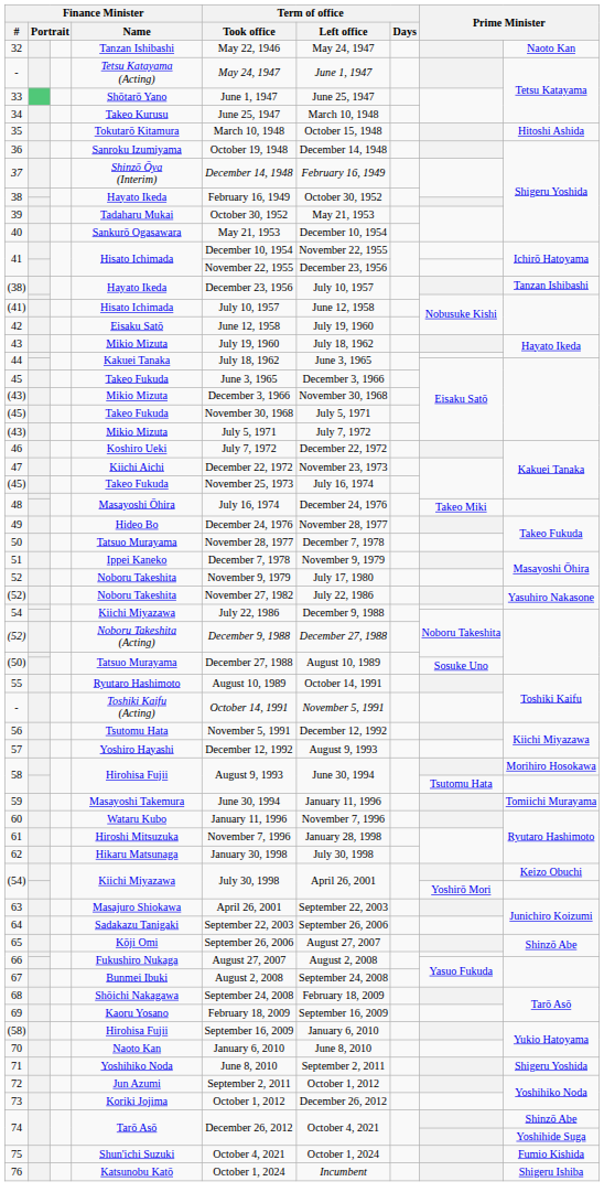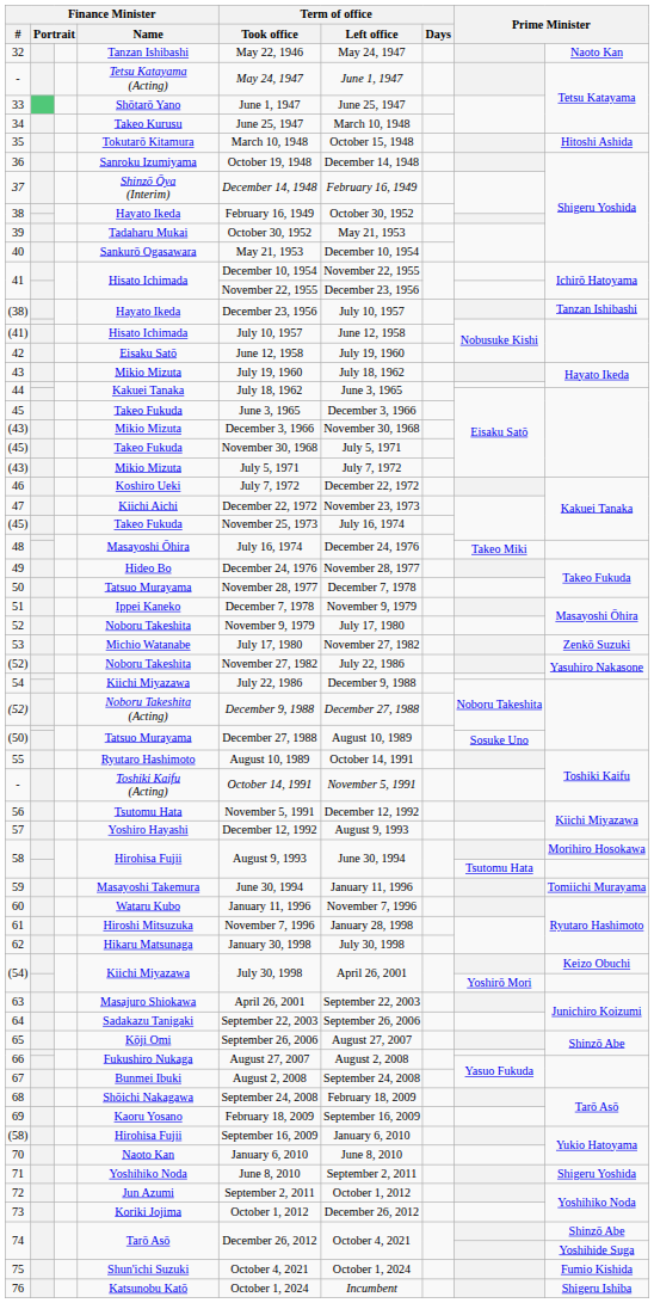 <table class="wikitable"  style="text-align:center">
 <tr>
 <th colspan=4>Finance Minister</th>
 <th colspan=3>Term of office</th>
 <th style="width:160px;" rowspan=2 colspan=2>Prime Minister</th>
 </tr>
 <tr>
 <th>#</th>
 <th colspan=2>Portrait</th>
 <th width=180px>Name</th>
 <th>Took office</th>
 <th>Left office</th>
 <th>Days</th>
 </tr>
 <tr>
 <td>32</td>
 <th style="background-color: "></th>
 <td></td>
 <td><a href='#'>Tanzan Ishibashi</a></td>
 <td>May 22, 1946</td>
 <td>May 24, 1947</td>
 <td></td>
 <th style="background-color: "></th>
 <td><a href='#'>Naoto Kan</a></td>
 </tr>
 <tr>
 <td>-</td>
 <th style="background-color: "></th>
 <td></td>
 <td><em><a href='#'>Tetsu Katayama</a></em> <em><br>(Acting)</em></td>
 <td><em>May 24, 1947</em></td>
 <td><em>June 1, 1947</em></td>
 <td><em></em></td>
 <th style="background-color: "></th>
 <td rowspan=3><a href='#'>Tetsu Katayama</a></td>
 </tr>
 <tr>
 <td>33</td>
 <th style="background-color: #50C878"></th>
 <td></td>
 <td><a href='#'>Shōtarō Yano</a></td>
 <td>June 1, 1947</td>
 <td>June 25, 1947</td>
 <td></td>
 </tr>
 <tr>
 <td>34</td>
 <th style="background-color: "></th>
 <td></td>
 <td><a href='#'>Takeo Kurusu</a></td>
 <td>June 25, 1947</td>
 <td>March 10, 1948</td>
 <td></td>
 </tr>
 <tr>
 <td>35</td>
 <th style="background-color: "></th>
 <td></td>
 <td><a href='#'>Tokutarō Kitamura</a></td>
 <td>March 10, 1948</td>
 <td>October 15, 1948</td>
 <td></td>
 <th style="background-color: "></th>
 <td><a href='#'>Hitoshi Ashida</a></td>
 </tr>
 <tr>
 <td>36</td>
 <th style="background-color: "></th>
 <td></td>
 <td><a href='#'>Sanroku Izumiyama</a></td>
 <td>October 19, 1948</td>
 <td>December 14, 1948</td>
 <td></td>
 <th style="background-color: "></th>
 <td rowspan=6><a href='#'>Shigeru Yoshida</a></td>
 </tr>
 <tr>
 <td><em>37</em></td>
 <th style="background-color: "></th>
 <td></td>
 <td><em><a href='#'>Shinzō Ōya</a></em> <em><br>(Interim)</em></td>
 <td><em>December 14, 1948</em></td>
 <td><em>February 16, 1949</em></td>
 <td><em></em></td>
 </tr>
 <tr>
 <td rowspan=2>38</td>
 <th style="background-color: "></th>
 <td rowspan=2></td>
 <td rowspan=2><a href='#'>Hayato Ikeda</a></td>
 <td rowspan=2>February 16, 1949</td>
 <td rowspan=2>October 30, 1952</td>
 <td rowspan=2></td>
 </tr>
 <tr>
 <th style="background-color: "></th>
 <th style="background-color: "></th>
 </tr>
 <tr>
 <td>39</td>
 <th style="background-color: "></th>
 <td></td>
 <td><a href='#'>Tadaharu Mukai</a></td>
 <td>October 30, 1952</td>
 <td>May 21, 1953</td>
 <td></td>
 </tr>
 <tr>
 <td>40</td>
 <th style="background-color: "></th>
 <td></td>
 <td><a href='#'>Sankurō Ogasawara</a></td>
 <td>May 21, 1953</td>
 <td>December 10, 1954</td>
 <td></td>
 </tr>
 <tr>
 <td rowspan=2>41</td>
 <th style="background-color: "></th>
 <td rowspan=2></td>
 <td rowspan=2><a href='#'>Hisato Ichimada</a></td>
 <td>December 10, 1954</td>
 <td>November 22, 1955</td>
 <td rowspan=2></td>
 <td style="background-color: "></td>
 <td rowspan=2><a href='#'>Ichirō Hatoyama</a></td>
 </tr>
 <tr>
 <th style="background-color: "></th>
 <td>November 22, 1955</td>
 <td>December 23, 1956</td>
 <td style="background-color: "></td>
 </tr>
 <tr>
 <td rowspan=2>(38)</td>
 <th style="background-color: "></th>
 <td rowspan=2></td>
 <td rowspan=2><a href='#'>Hayato Ikeda</a></td>
 <td rowspan=2>December 23, 1956</td>
 <td rowspan=2>July 10, 1957</td>
 <td rowspan=2></td>
 <th style="background-color: "></th>
 <td><a href='#'>Tanzan Ishibashi</a></td>
 </tr>
 <tr>
 <th style="background-color: "></th>
 <td rowspan=3><a href='#'>Nobusuke Kishi</a></td>
 </tr>
 <tr>
 <td>(41)</td>
 <th style="background-color: "></th>
 <td></td>
 <td><a href='#'>Hisato Ichimada</a></td>
 <td>July 10, 1957</td>
 <td>June 12, 1958</td>
 <td></td>
 </tr>
 <tr>
 <td>42</td>
 <th style="background-color: "></th>
 <td></td>
 <td><a href='#'>Eisaku Satō</a></td>
 <td>June 12, 1958</td>
 <td>July 19, 1960</td>
 <td></td>
 </tr>
 <tr>
 <td>43</td>
 <th style="background-color: "></th>
 <td></td>
 <td><a href='#'>Mikio Mizuta</a></td>
 <td>July 19, 1960</td>
 <td>July 18, 1962</td>
 <td></td>
 <th style="background-color: "></th>
 <td rowspan=2><a href='#'>Hayato Ikeda</a></td>
 </tr>
 <tr>
 <td rowspan=2>44</td>
 <th style="background-color: "></th>
 <td rowspan=2></td>
 <td rowspan=2><a href='#'>Kakuei Tanaka</a></td>
 <td rowspan=2>July 18, 1962</td>
 <td rowspan=2>June 3, 1965</td>
 <td rowspan=2></td>
 </tr>
 <tr>
 <th style="background-color: "></th>
 <td rowspan=5><a href='#'>Eisaku Satō</a></td>
 </tr>
 <tr>
 <td>45</td>
 <th style="background-color: "></th>
 <td></td>
 <td><a href='#'>Takeo Fukuda</a></td>
 <td>June 3, 1965</td>
 <td>December 3, 1966</td>
 <td></td>
 </tr>
 <tr>
 <td>(43)</td>
 <th style="background-color: "></th>
 <td></td>
 <td><a href='#'>Mikio Mizuta</a></td>
 <td>December 3, 1966</td>
 <td>November 30, 1968</td>
 <td></td>
 </tr>
 <tr>
 <td>(45)</td>
 <th style="background-color: "></th>
 <td></td>
 <td><a href='#'>Takeo Fukuda</a></td>
 <td>November 30, 1968</td>
 <td>July 5, 1971</td>
 <td></td>
 </tr>
 <tr>
 <td>(43)</td>
 <th style="background-color: "></th>
 <td></td>
 <td><a href='#'>Mikio Mizuta</a></td>
 <td>July 5, 1971</td>
 <td>July 7, 1972</td>
 <td></td>
 </tr>
 <tr>
 <td>46</td>
 <th style="background-color: "></th>
 <td></td>
 <td><a href='#'>Koshiro Ueki</a></td>
 <td>July 7, 1972</td>
 <td>December 22, 1972</td>
 <td></td>
 <th style="background-color: "></th>
 <td rowspan=4><a href='#'>Kakuei Tanaka</a></td>
 </tr>
 <tr>
 <td>47</td>
 <th style="background-color: "></th>
 <td></td>
 <td><a href='#'>Kiichi Aichi</a></td>
 <td>December 22, 1972</td>
 <td>November 23, 1973</td>
 <td></td>
 </tr>
 <tr>
 <td>(45)</td>
 <th style="background-color: "></th>
 <td></td>
 <td><a href='#'>Takeo Fukuda</a></td>
 <td>November 25, 1973</td>
 <td>July 16, 1974</td>
 <td></td>
 </tr>
 <tr>
 <td rowspan=2>48</td>
 <th style="background-color: "></th>
 <td rowspan=2></td>
 <td rowspan=2><a href='#'>Masayoshi Ōhira</a></td>
 <td rowspan=2>July 16, 1974</td>
 <td rowspan=2>December 24, 1976</td>
 <td rowspan=2></td>
 </tr>
 <tr>
 <th style="background-color: "></th>
 <td><a href='#'>Takeo Miki</a></td>
 </tr>
 <tr>
 <td>49</td>
 <th style="background-color: "></th>
 <td></td>
 <td><a href='#'>Hideo Bo</a></td>
 <td>December 24, 1976</td>
 <td>November 28, 1977</td>
 <td></td>
 <th style="background-color: "></th>
 <td rowspan=2><a href='#'>Takeo Fukuda</a></td>
 </tr>
 <tr>
 <td>50</td>
 <th style="background-color: "></th>
 <td></td>
 <td><a href='#'>Tatsuo Murayama</a></td>
 <td>November 28, 1977</td>
 <td>December 7, 1978</td>
 <td></td>
 </tr>
 <tr>
 <td>51</td>
 <th style="background-color: "></th>
 <td></td>
 <td><a href='#'>Ippei Kaneko</a></td>
 <td>December 7, 1978</td>
 <td>November 9, 1979</td>
 <td></td>
 <th style="background-color: "></th>
 <td rowspan=2><a href='#'>Masayoshi Ōhira</a></td>
 </tr>
 <tr>
 <td>52</td>
 <th style="background-color: "></th>
 <td></td>
 <td><a href='#'>Noboru Takeshita</a></td>
 <td>November 9, 1979</td>
 <td>July 17, 1980</td>
 <td></td>
+</tr>
+<tr>
+<td>53</td>
+<th style="background-color: "></th>
+<td></td>
+<td><a href='#'>Michio Watanabe</a></td>
+<td>July 17, 1980</td>
+<td>November 27, 1982</td>
+<td></td>
+<th style="background-color: "></th>
+<td><a href='#'>Zenkō Suzuki</a></td>
 </tr>
 <tr>
 <td>(52)</td>
 <th style="background-color: "></th>
 <td></td>
 <td><a href='#'>Noboru Takeshita</a></td>
 <td>November 27, 1982</td>
 <td>July 22, 1986</td>
 <td></td>
 <th style="background-color: "></th>
 <td rowspan=2><a href='#'>Yasuhiro Nakasone</a></td>
 </tr>
 <tr>
 <td rowspan=2>54</td>
 <th style="background-color: "></th>
 <td rowspan=2></td>
 <td rowspan=2><a href='#'>Kiichi Miyazawa</a></td>
 <td rowspan=2>July 22, 1986</td>
 <td rowspan=2>December 9, 1988</td>
 <td rowspan=2></td>
 </tr>
 <tr>
 <th style="background-color: "></th>
 <td rowspan=3><a href='#'>Noboru Takeshita</a></td>
 </tr>
 <tr>
 <td><em>(52)</em></td>
 <th style="background-color: "></th>
 <td></td>
 <td><em><a href='#'>Noboru Takeshita</a></em> <em><br>(Acting)</em></td>
 <td><em>December 9, 1988</em></td>
 <td><em>December 27, 1988</em></td>
 <td><em></em></td>
 </tr>
 <tr>
 <td rowspan=2>(50)</td>
 <th style="background-color: "></th>
 <td rowspan=2></td>
 <td rowspan=2><a href='#'>Tatsuo Murayama</a></td>
 <td rowspan=2>December 27, 1988</td>
 <td rowspan=2>August 10, 1989</td>
 <td rowspan=2></td>
 </tr>
 <tr>
 <th style="background-color: "></th>
 <td><a href='#'>Sosuke Uno</a></td>
 </tr>
 <tr>
 <td>55</td>
 <th style="background-color: "></th>
 <td></td>
 <td><a href='#'>Ryutaro Hashimoto</a></td>
 <td>August 10, 1989</td>
 <td>October 14, 1991</td>
 <td></td>
 <th style="background-color: "></th>
 <td rowspan=2><a href='#'>Toshiki Kaifu</a></td>
 </tr>
 <tr>
 <td>-</td>
 <th style="background-color: "></th>
 <td></td>
 <td><em><a href='#'>Toshiki Kaifu</a></em> <br><em>(Acting)</em></td>
 <td><em>October 14, 1991</em></td>
 <td><em>November 5, 1991</em></td>
 <td><em></em></td>
 </tr>
 <tr>
 <td>56</td>
 <th style="background-color: "></th>
 <td></td>
 <td><a href='#'>Tsutomu Hata</a></td>
 <td>November 5, 1991</td>
 <td>December 12, 1992</td>
 <td></td>
 <th style="background-color: "></th>
 <td rowspan=2><a href='#'>Kiichi Miyazawa</a></td>
 </tr>
 <tr>
 <td>57</td>
 <th style="background-color: "></th>
 <td></td>
 <td><a href='#'>Yoshiro Hayashi</a></td>
 <td>December 12, 1992</td>
 <td>August 9, 1993</td>
 <td></td>
 </tr>
 <tr>
 <td rowspan=2>58</td>
 <th style="background-color: "></th>
 <td rowspan=2></td>
 <td rowspan=2><a href='#'>Hirohisa Fujii</a></td>
 <td rowspan=2>August 9, 1993</td>
 <td rowspan=2>June 30, 1994</td>
 <td rowspan=2></td>
 <th style="background-color: "></th>
 <td><a href='#'>Morihiro Hosokawa</a></td>
 </tr>
 <tr>
 <th style="background-color: "></th>
 <td><a href='#'>Tsutomu Hata</a></td>
 </tr>
 <tr>
 <td>59</td>
 <th style="background-color: "></th>
 <td></td>
 <td><a href='#'>Masayoshi Takemura</a></td>
 <td>June 30, 1994</td>
 <td>January 11, 1996</td>
 <td></td>
 <th style="background-color: "></th>
 <td><a href='#'>Tomiichi Murayama</a></td>
 </tr>
 <tr>
 <td>60</td>
 <th style="background-color: "></th>
 <td></td>
 <td><a href='#'>Wataru Kubo</a></td>
 <td>January 11, 1996</td>
 <td>November 7, 1996</td>
 <td></td>
 <th style="background-color: "></th>
 <td rowspan=3><a href='#'>Ryutaro Hashimoto</a></td>
 </tr>
 <tr>
 <td>61</td>
 <th style="background-color: "></th>
 <td></td>
 <td><a href='#'>Hiroshi Mitsuzuka</a></td>
 <td>November 7, 1996</td>
 <td>January 28, 1998</td>
 <td></td>
 </tr>
 <tr>
 <td>62</td>
 <th style="background-color: "></th>
 <td></td>
 <td><a href='#'>Hikaru Matsunaga</a></td>
 <td>January 30, 1998</td>
 <td>July 30, 1998</td>
 <td></td>
 </tr>
 <tr>
 <td rowspan=2>(54)</td>
 <th style="background-color: "></th>
 <td rowspan=2></td>
 <td rowspan=2><a href='#'>Kiichi Miyazawa</a></td>
 <td rowspan=2>July 30, 1998</td>
 <td rowspan=2>April 26, 2001</td>
 <td rowspan=2></td>
 <th style="background-color: "></th>
 <td><a href='#'>Keizo Obuchi</a></td>
 </tr>
 <tr>
 <th style="background-color: "></th>
 <td><a href='#'>Yoshirō Mori</a></td>
 </tr>
 <tr>
 <td>63</td>
 <th style="background-color: "></th>
 <td></td>
 <td><a href='#'>Masajuro Shiokawa</a></td>
 <td>April 26, 2001</td>
 <td>September 22, 2003</td>
 <td></td>
 <th style="background-color: "></th>
 <td rowspan=2><a href='#'>Junichiro Koizumi</a></td>
 </tr>
 <tr>
 <td>64</td>
 <th style="background-color: "></th>
 <td></td>
 <td><a href='#'>Sadakazu Tanigaki</a></td>
 <td>September 22, 2003</td>
 <td>September 26, 2006</td>
 <td></td>
 </tr>
 <tr>
 <td>65</td>
 <th style="background-color: "></th>
 <td></td>
 <td><a href='#'>Kōji Omi</a></td>
 <td>September 26, 2006</td>
 <td>August 27, 2007</td>
 <td></td>
 <th style="background-color: "></th>
 <td rowspan=2><a href='#'>Shinzō Abe</a></td>
 </tr>
 <tr>
 <td rowspan=2>66</td>
 <th style="background-color: "></th>
 <td rowspan=2></td>
 <td rowspan=2><a href='#'>Fukushiro Nukaga</a></td>
 <td rowspan=2>August 27, 2007</td>
 <td rowspan=2>August 2, 2008</td>
 <td rowspan=2></td>
 </tr>
 <tr>
 <th style="background-color: "></th>
 <td rowspan=2><a href='#'>Yasuo Fukuda</a></td>
 </tr>
 <tr>
 <td>67</td>
 <th style="background-color: "></th>
 <td></td>
 <td><a href='#'>Bunmei Ibuki</a></td>
 <td>August 2, 2008</td>
 <td>September 24, 2008</td>
 <td></td>
 </tr>
 <tr>
 <td>68</td>
 <th style="background-color: "></th>
 <td></td>
 <td><a href='#'>Shōichi Nakagawa</a></td>
 <td>September 24, 2008</td>
 <td>February 18, 2009</td>
 <td></td>
 <th style="background-color: "></th>
 <td rowspan=2><a href='#'>Tarō Asō</a></td>
 </tr>
 <tr>
 <td>69</td>
 <th style="background-color: "></th>
 <td></td>
 <td><a href='#'>Kaoru Yosano</a></td>
 <td>February 18, 2009</td>
 <td>September 16, 2009</td>
 <td></td>
 </tr>
 <tr>
 <td>(58)</td>
 <th style="background-color: "></th>
 <td></td>
 <td><a href='#'>Hirohisa Fujii</a></td>
 <td>September 16, 2009</td>
 <td>January 6, 2010</td>
 <td></td>
 <th style="background-color: "></th>
 <td rowspan=2><a href='#'>Yukio Hatoyama</a></td>
 </tr>
 <tr>
 <td>70</td>
 <th style="background-color: "></th>
 <td></td>
 <td><a href='#'>Naoto Kan</a></td>
 <td>January 6, 2010</td>
 <td>June 8, 2010</td>
 <td></td>
 </tr>
 <tr>
 <td>71</td>
 <th style="background-color: "></th>
 <td></td>
 <td><a href='#'>Yoshihiko Noda</a></td>
 <td>June 8, 2010</td>
 <td>September 2, 2011</td>
 <td></td>
 <th style="background-color: "></th>
 <td><a href='#'>Shigeru Yoshida</a></td>
 </tr>
 <tr>
 <td>72</td>
 <th style="background-color: "></th>
 <td></td>
 <td><a href='#'>Jun Azumi</a></td>
 <td>September 2, 2011</td>
 <td>October 1, 2012</td>
 <td></td>
 <th style="background-color: "></th>
 <td rowspan=2><a href='#'>Yoshihiko Noda</a></td>
 </tr>
 <tr>
 <td>73</td>
 <th style="background-color: "></th>
 <td></td>
 <td><a href='#'>Koriki Jojima</a></td>
 <td>October 1, 2012</td>
 <td>December 26, 2012</td>
 <td></td>
 </tr>
 <tr>
 <td rowspan=2>74</td>
 <th rowspan=2 style="background-color: "></th>
 <td rowspan=2></td>
 <td rowspan=2><a href='#'>Tarō Asō</a></td>
 <td rowspan=2>December 26, 2012</td>
 <td rowspan=2>October 4, 2021</td>
 <td rowspan=2></td>
 <th style="background-color: "></th>
 <td><a href='#'>Shinzō Abe</a></td>
 </tr>
 <tr>
 <th style="background-color: "></th>
 <td><a href='#'>Yoshihide Suga</a></td>
 </tr>
 <tr>
 <td>75</td>
 <th style="background-color: "></th>
 <td></td>
 <td><a href='#'>Shun'ichi Suzuki</a></td>
 <td>October 4, 2021</td>
 <td>October 1, 2024</td>
 <td></td>
 <th style="background-color: "></th>
 <td><a href='#'>Fumio Kishida</a></td>
 </tr>
 <tr>
 <td>76</td>
 <th style="background-color: "></th>
 <td></td>
 <td><a href='#'>Katsunobu Katō</a></td>
 <td>October 1, 2024</td>
 <td><em>Incumbent</em></td>
 <td></td>
 <th style="background-color: "></th>
 <td><a href='#'>Shigeru Ishiba</a></td>
 </tr>
 </table>
